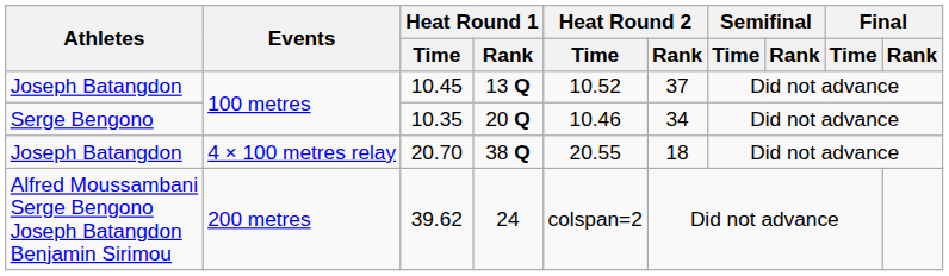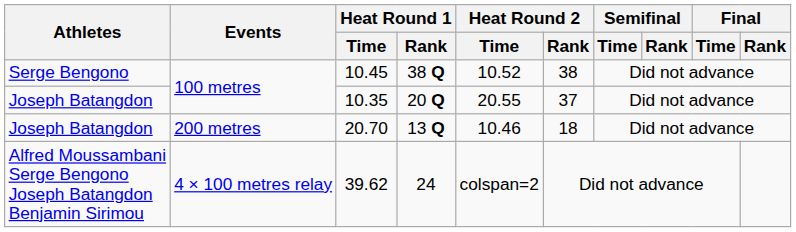 <table class=wikitable style=font-size:90%>
 <tr>
 <th rowspan=2>Athletes</th>
 <th rowspan=2>Events</th>
 <th colspan=2>Heat Round 1</th>
 <th colspan=2>Heat Round 2</th>
 <th colspan=2>Semifinal</th>
 <th colspan=2>Final</th>
 </tr>
 <tr>
 <th>Time</th>
 <th>Rank</th>
 <th>Time</th>
 <th>Rank</th>
 <th>Time</th>
 <th>Rank</th>
 <th>Time</th>
 <th>Rank</th>
 </tr>
 <tr>
-<td><a href='#'>Joseph Batangdon</a></td>
+<td><a href='#'>Serge Bengono</a></td>
 <td rowspan=2><a href='#'>100 metres</a></td>
 <td align=center>10.45</td>
-<td align=center>13 <strong>Q</strong></td>
+<td align=center>38 <strong>Q</strong></td>
 <td align=center>10.52</td>
+<td align=center>38</td>
+<td align=center colspan=4>Did not advance</td>
+</tr>
+<tr>
+<td><a href='#'>Joseph Batangdon</a></td>
+<td align=center>10.35</td>
+<td align=center>20 <strong>Q</strong></td>
+<td align=center>20.55</td>
 <td align=center>37</td>
 <td align=center colspan=4>Did not advance</td>
 </tr>
 <tr>
-<td><a href='#'>Serge Bengono</a></td>
-<td align=center>10.35</td>
-<td align=center>20 <strong>Q</strong></td>
+<td><a href='#'>Joseph Batangdon</a></td>
+<td><a href='#'>200 metres</a></td>
+<td align=center>20.70</td>
+<td align=center>13 <strong>Q</strong></td>
 <td align=center>10.46</td>
-<td align=center>34</td>
-<td align=center colspan=4>Did not advance</td>
-</tr>
-<tr>
-<td><a href='#'>Joseph Batangdon</a></td>
-<td><a href='#'>4 × 100 metres relay</a></td>
-<td align=center>20.70</td>
-<td align=center>38 <strong>Q</strong></td>
-<td align=center>20.55</td>
 <td align=center>18</td>
 <td align=center colspan=4>Did not advance</td>
 </tr>
 <tr>
 <td><a href='#'>Alfred Moussambani</a><br><a href='#'>Serge Bengono</a><br><a href='#'>Joseph Batangdon</a><br><a href='#'>Benjamin Sirimou</a></td>
-<td><a href='#'>200 metres</a></td>
+<td><a href='#'>4 × 100 metres relay</a></td>
 <td align=center>39.62</td>
 <td align=center>24</td>
 <td>colspan=2 </td>
 <td align=center colspan=4>Did not advance</td>
 </tr>
 </table>
